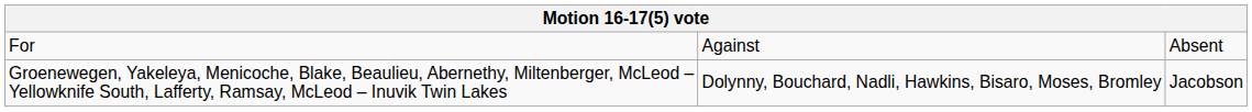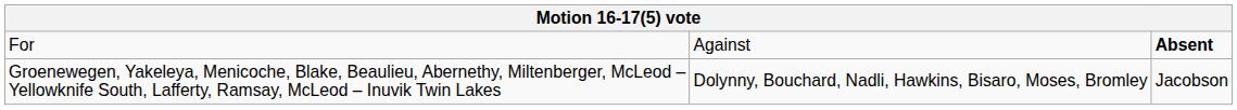 <table class="wikitable">
 <tr>
 <th colspan=3>Motion 16-17(5) vote</th>
 </tr>
 <tr>
 <td>For</td>
 <td>Against</td>
-<td>Absent</td>
+<td><strong>Absent</strong></td>
 </tr>
 <tr>
 <td>Groenewegen, Yakeleya, Menicoche, Blake, Beaulieu, Abernethy, Miltenberger, McLeod –<br>Yellowknife South, Lafferty, Ramsay, McLeod – Inuvik Twin Lakes</td>
 <td>Dolynny, Bouchard, Nadli, Hawkins, Bisaro, Moses, Bromley</td>
 <td>Jacobson</td>
 </tr>
 </table>
